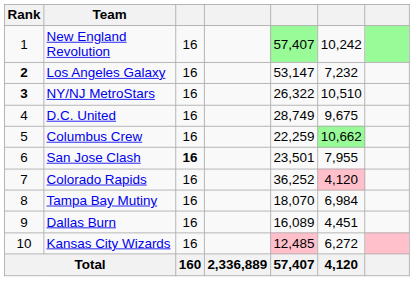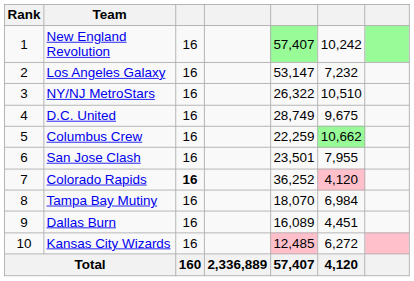 <table class="wikitable sortable" style=text-align:center>
 <tr>
 <th width=25>Rank</th>
 <th width=150>Team</th>
 <th></th>
 <th width=45></th>
 <th width=45></th>
 <th width=45></th>
 <th width=45></th>
 </tr>
 <tr>
 <td>1</td>
 <td align=left><a href='#'>New England Revolution</a></td>
 <td>16</td>
 <td></td>
 <td bgcolor="#98fb98">57,407</td>
 <td>10,242</td>
 <td bgcolor="#98fb98"></td>
 </tr>
 <tr>
-<td><strong>2</strong></td>
+<td>2</td>
 <td align=left><a href='#'>Los Angeles Galaxy</a></td>
 <td>16</td>
 <td></td>
 <td>53,147</td>
 <td>7,232</td>
 <td></td>
 </tr>
 <tr>
-<td><strong>3</strong></td>
+<td>3</td>
 <td align=left><a href='#'>NY/NJ MetroStars</a></td>
 <td>16</td>
 <td></td>
 <td>26,322</td>
 <td>10,510</td>
 <td></td>
 </tr>
 <tr>
 <td>4</td>
 <td align=left><a href='#'>D.C. United</a></td>
 <td>16</td>
 <td></td>
 <td>28,749</td>
 <td>9,675</td>
 <td></td>
 </tr>
 <tr>
 <td>5</td>
 <td align=left><a href='#'>Columbus Crew</a></td>
 <td>16</td>
 <td></td>
 <td>22,259</td>
 <td bgcolor="#98fb98">10,662</td>
 <td></td>
 </tr>
 <tr>
 <td>6</td>
 <td align=left><a href='#'>San Jose Clash</a></td>
-<td><strong>16</strong></td>
+<td>16</td>
 <td></td>
 <td>23,501</td>
 <td>7,955</td>
 <td></td>
 </tr>
 <tr>
 <td>7</td>
 <td align=left><a href='#'>Colorado Rapids</a></td>
-<td>16</td>
+<td><strong>16</strong></td>
 <td></td>
 <td>36,252</td>
 <td bgcolor="#ffc)cb">4,120</td>
 <td></td>
 </tr>
 <tr>
 <td>8</td>
 <td align=left><a href='#'>Tampa Bay Mutiny</a></td>
 <td>16</td>
 <td></td>
 <td>18,070</td>
 <td>6,984</td>
 <td></td>
 </tr>
 <tr>
 <td>9</td>
 <td align=left><a href='#'>Dallas Burn</a></td>
 <td>16</td>
 <td></td>
 <td>16,089</td>
 <td>4,451</td>
 <td></td>
 </tr>
 <tr>
 <td>10</td>
 <td align=left><a href='#'>Kansas City Wizards</a></td>
 <td>16</td>
 <td></td>
 <td bgcolor="#ffc)cb">12,485</td>
 <td>6,272</td>
 <td bgcolor="#ffc)cb"></td>
 </tr>
 <tr>
 <th colspan=2>Total</th>
 <th>160</th>
 <th>2,336,889</th>
 <th>57,407</th>
 <th>4,120</th>
 <th></th>
 </tr>
 </table>
